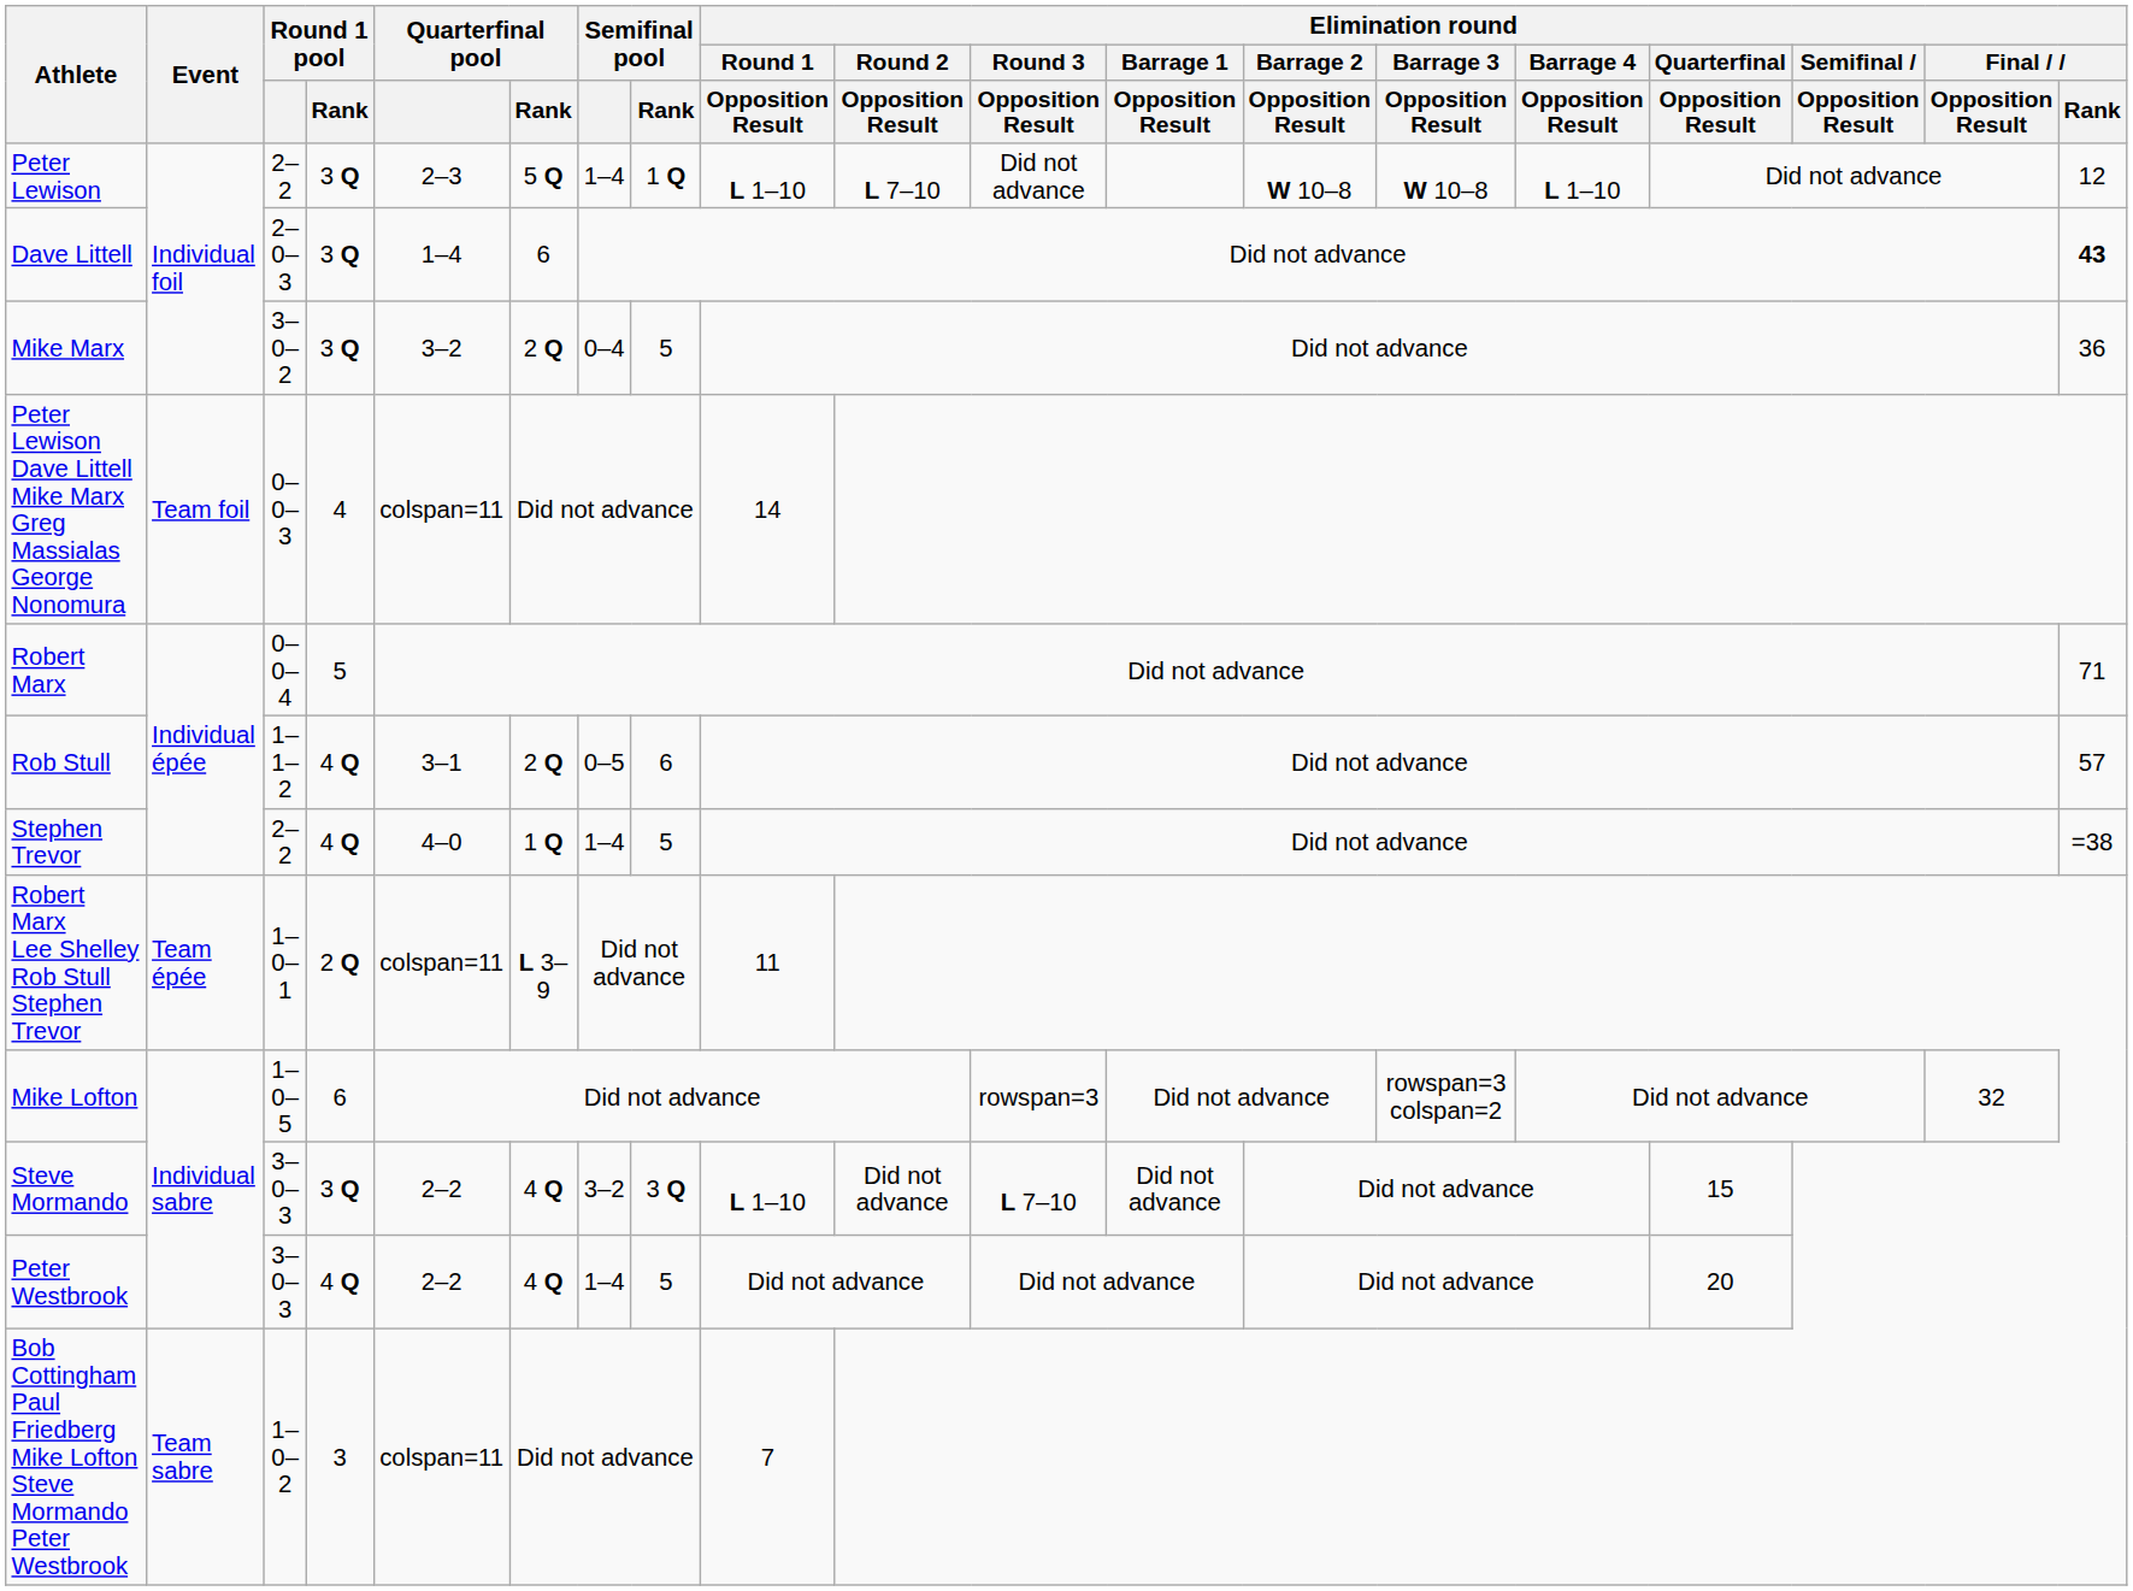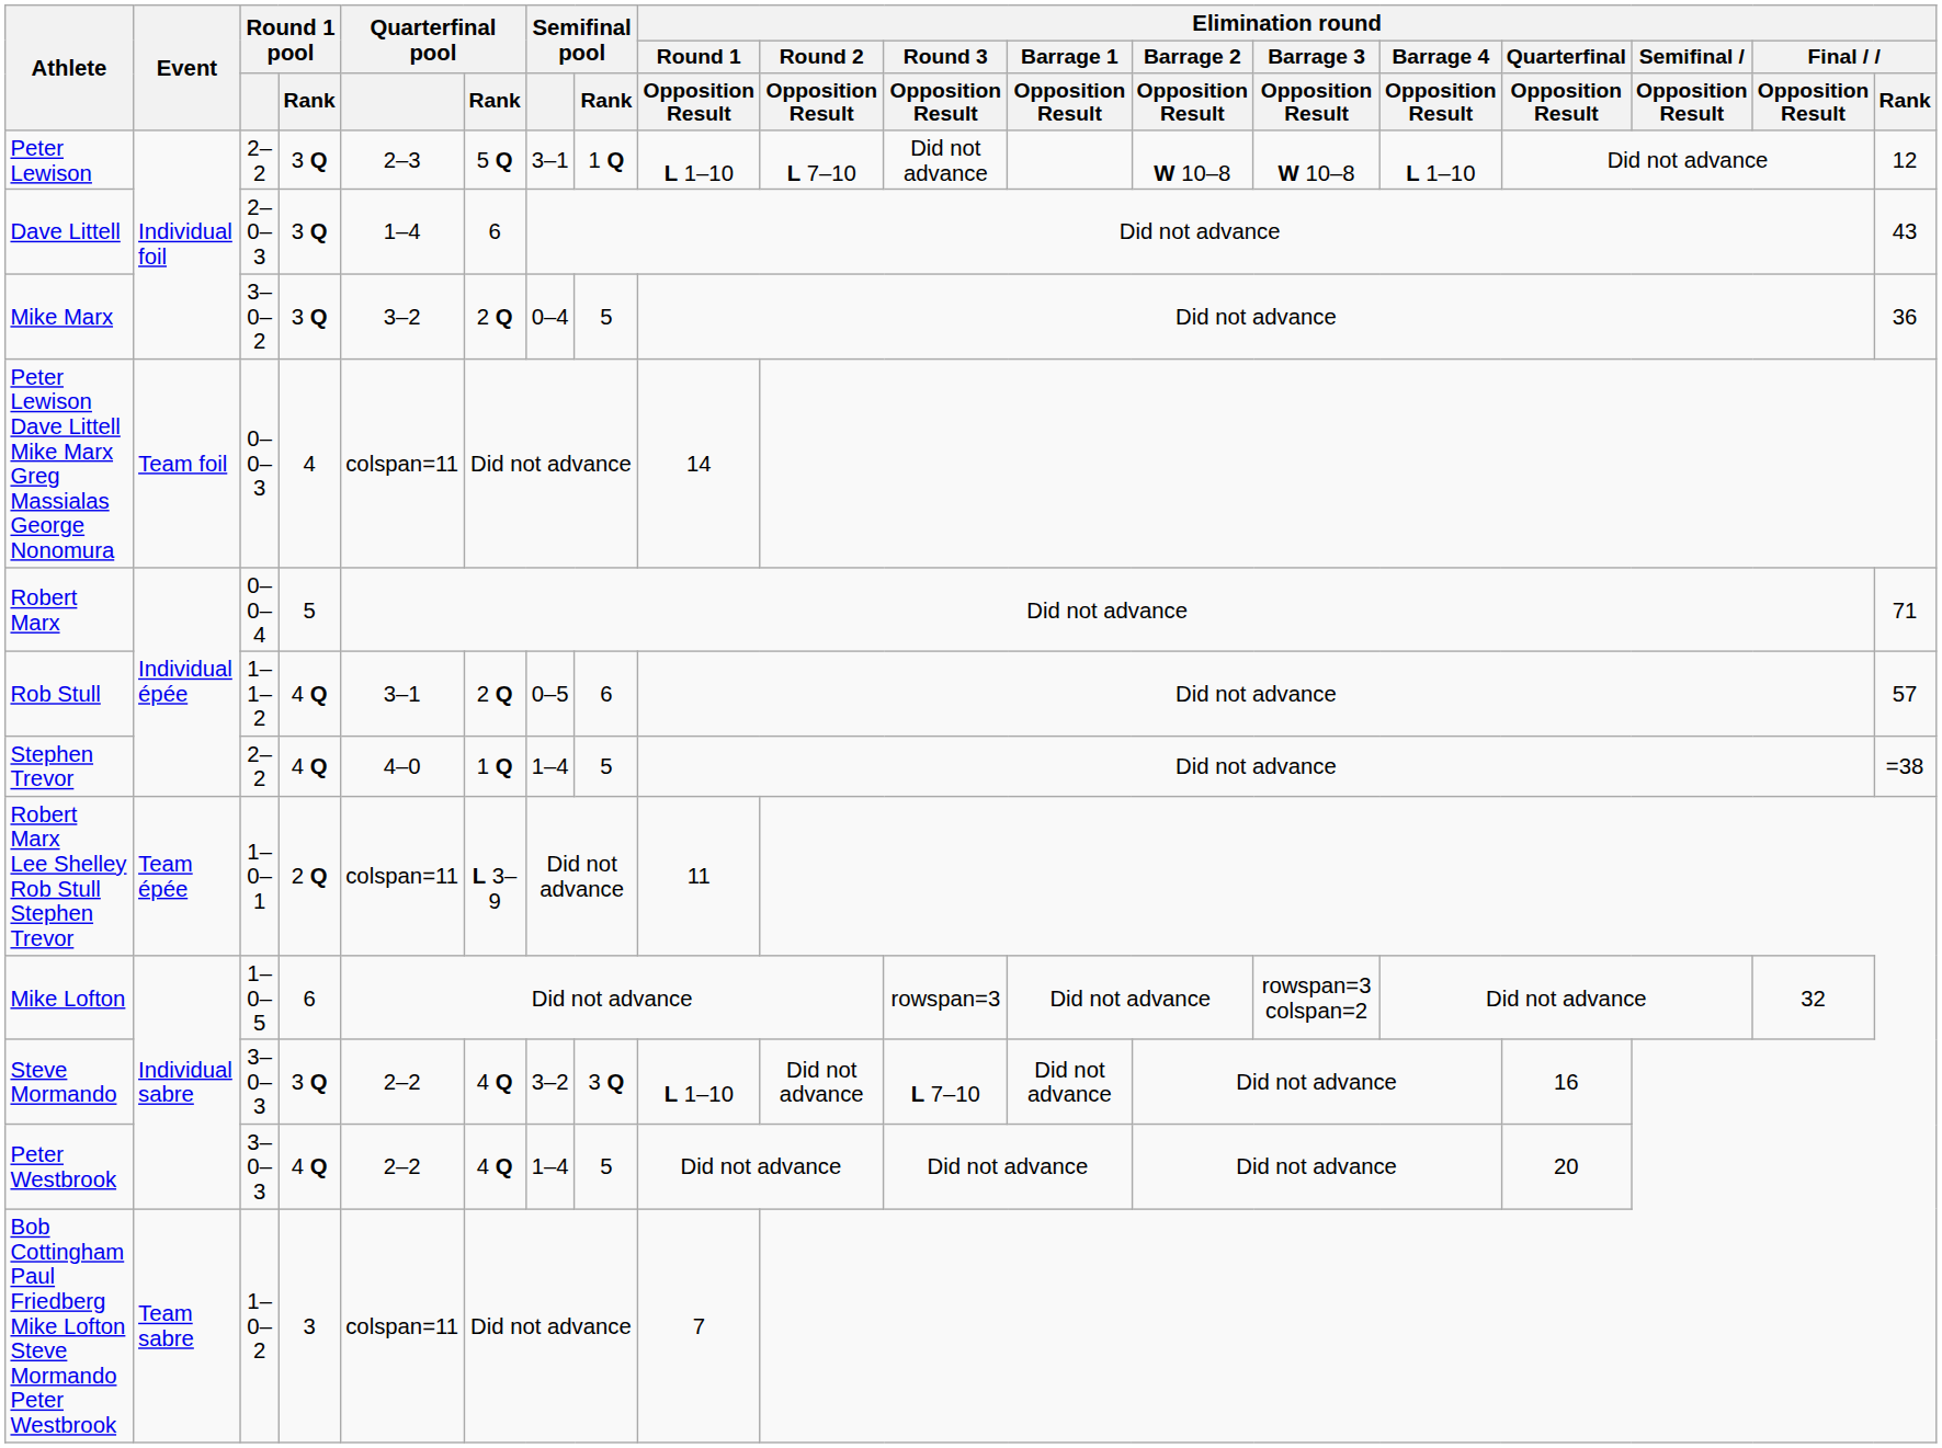 <table class=wikitable style=font-size:90%;text-align:center>
 <tr>
 <th rowspan=3>Athlete</th>
 <th rowspan=3>Event</th>
 <th colspan=2 rowspan=2>Round 1 pool</th>
 <th colspan=2 rowspan=2>Quarterfinal pool</th>
 <th colspan=2 rowspan=2>Semifinal pool</th>
 <th colspan=11>Elimination round</th>
 </tr>
 <tr style=font-size:95%>
 <th>Round 1</th>
 <th>Round 2</th>
 <th>Round 3</th>
 <th>Barrage 1</th>
 <th>Barrage 2</th>
 <th>Barrage 3</th>
 <th>Barrage 4</th>
 <th>Quarterfinal</th>
 <th>Semifinal / </th>
 <th colspan=2>Final /  / </th>
 </tr>
 <tr style=font-size:95%>
 <th></th>
 <th>Rank</th>
 <th></th>
 <th>Rank</th>
 <th></th>
 <th>Rank</th>
 <th>Opposition<br>Result</th>
 <th>Opposition<br>Result</th>
 <th>Opposition<br>Result</th>
 <th>Opposition<br>Result</th>
 <th>Opposition<br>Result</th>
 <th>Opposition<br>Result</th>
 <th>Opposition<br>Result</th>
 <th>Opposition<br>Result</th>
 <th>Opposition<br>Result</th>
 <th>Opposition<br>Result</th>
 <th>Rank</th>
 </tr>
 <tr>
 <td align=left><a href='#'>Peter Lewison</a></td>
 <td align=left rowspan=3><a href='#'>Individual foil</a></td>
 <td>2–2</td>
 <td>3 <strong>Q</strong></td>
 <td>2–3</td>
 <td>5 <strong>Q</strong></td>
-<td>1–4</td>
+<td>3–1</td>
 <td>1 <strong>Q</strong></td>
 <td><br><strong>L</strong> 1–10</td>
 <td><br><strong>L</strong> 7–10</td>
 <td>Did not advance</td>
 <td></td>
 <td><br><strong>W</strong> 10–8</td>
 <td><br><strong>W</strong> 10–8</td>
 <td><br><strong>L</strong> 1–10</td>
 <td colspan=3>Did not advance</td>
 <td>12</td>
 </tr>
 <tr>
 <td align=left><a href='#'>Dave Littell</a></td>
 <td>2–0–3</td>
 <td>3 <strong>Q</strong></td>
 <td>1–4</td>
 <td>6</td>
 <td colspan=12>Did not advance</td>
-<td><strong>43</strong></td>
+<td>43</td>
 </tr>
 <tr>
 <td align=left><a href='#'>Mike Marx</a></td>
 <td>3–0–2</td>
 <td>3 <strong>Q</strong></td>
 <td>3–2</td>
 <td>2 <strong>Q</strong></td>
 <td>0–4</td>
 <td>5</td>
 <td colspan=10>Did not advance</td>
 <td>36</td>
 </tr>
 <tr>
 <td align=left><a href='#'>Peter Lewison</a><br><a href='#'>Dave Littell</a><br><a href='#'>Mike Marx</a><br><a href='#'>Greg Massialas</a><br><a href='#'>George Nonomura</a></td>
 <td align=left><a href='#'>Team foil</a></td>
 <td>0–0–3</td>
 <td>4</td>
 <td>colspan=11 </td>
 <td colspan=3>Did not advance</td>
 <td>14</td>
 </tr>
 <tr>
 <td align=left><a href='#'>Robert Marx</a></td>
 <td align=left rowspan=3><a href='#'>Individual épée</a></td>
 <td>0–0–4</td>
 <td>5</td>
 <td colspan=14>Did not advance</td>
 <td>71</td>
 </tr>
 <tr>
 <td align=left><a href='#'>Rob Stull</a></td>
 <td>1–1–2</td>
 <td>4 <strong>Q</strong></td>
 <td>3–1</td>
 <td>2 <strong>Q</strong></td>
 <td>0–5</td>
 <td>6</td>
 <td colspan=10>Did not advance</td>
 <td>57</td>
 </tr>
 <tr>
 <td align=left><a href='#'>Stephen Trevor</a></td>
 <td>2–2</td>
 <td>4 <strong>Q</strong></td>
 <td>4–0</td>
 <td>1 <strong>Q</strong></td>
 <td>1–4</td>
 <td>5</td>
 <td colspan=10>Did not advance</td>
 <td>=38</td>
 </tr>
 <tr>
 <td align=left><a href='#'>Robert Marx</a><br><a href='#'>Lee Shelley</a><br><a href='#'>Rob Stull</a><br><a href='#'>Stephen Trevor</a></td>
 <td align=left><a href='#'>Team épée</a></td>
 <td>1–0–1</td>
 <td>2 <strong>Q</strong></td>
 <td>colspan=11 </td>
 <td><br><strong>L</strong> 3–9</td>
 <td colspan=2>Did not advance</td>
 <td>11</td>
 </tr>
 <tr>
 <td align=left><a href='#'>Mike Lofton</a></td>
 <td align=left rowspan=3><a href='#'>Individual sabre</a></td>
 <td>1–0–5</td>
 <td>6</td>
 <td colspan=6>Did not advance</td>
 <td>rowspan=3 </td>
 <td colspan=2>Did not advance</td>
 <td>rowspan=3 colspan=2 </td>
 <td colspan=3>Did not advance</td>
 <td>32</td>
 </tr>
 <tr>
 <td align=left><a href='#'>Steve Mormando</a></td>
 <td>3–0–3</td>
 <td>3 <strong>Q</strong></td>
 <td>2–2</td>
 <td>4 <strong>Q</strong></td>
 <td>3–2</td>
 <td>3 <strong>Q</strong></td>
 <td><br><strong>L</strong> 1–10</td>
 <td>Did not advance</td>
 <td><br><strong>L</strong> 7–10</td>
 <td>Did not advance</td>
 <td colspan=3>Did not advance</td>
-<td>15</td>
+<td>16</td>
 </tr>
 <tr>
 <td align=left><a href='#'>Peter Westbrook</a></td>
 <td>3–0–3</td>
 <td>4 <strong>Q</strong></td>
 <td>2–2</td>
 <td>4 <strong>Q</strong></td>
 <td>1–4</td>
 <td>5</td>
 <td colspan=2>Did not advance</td>
 <td colspan=2>Did not advance</td>
 <td colspan=3>Did not advance</td>
 <td>20</td>
 </tr>
 <tr>
 <td align=left><a href='#'>Bob Cottingham</a><br><a href='#'>Paul Friedberg</a><br><a href='#'>Mike Lofton</a><br><a href='#'>Steve Mormando</a><br><a href='#'>Peter Westbrook</a></td>
 <td align=left><a href='#'>Team sabre</a></td>
 <td>1–0–2</td>
 <td>3</td>
 <td>colspan=11 </td>
 <td colspan=3>Did not advance</td>
 <td>7</td>
 </tr>
 </table>
